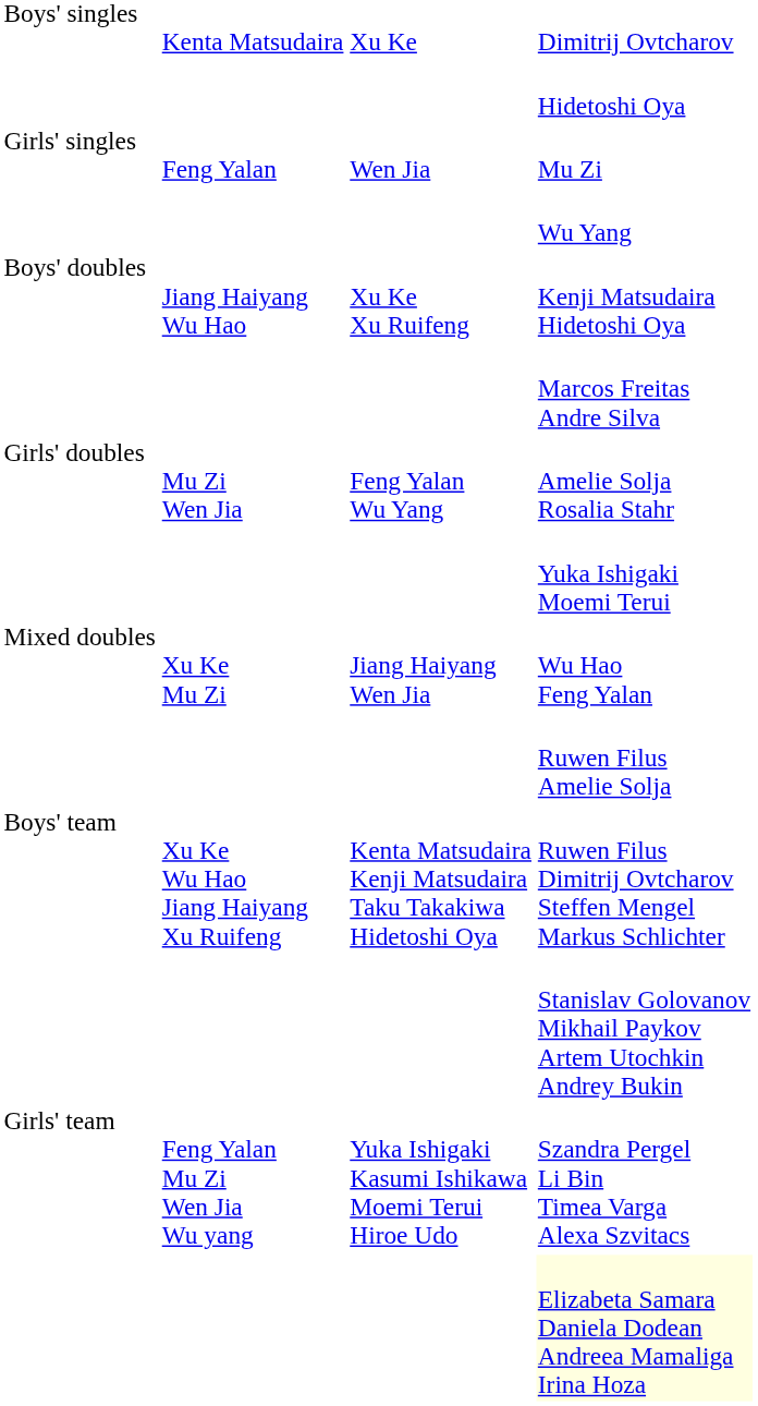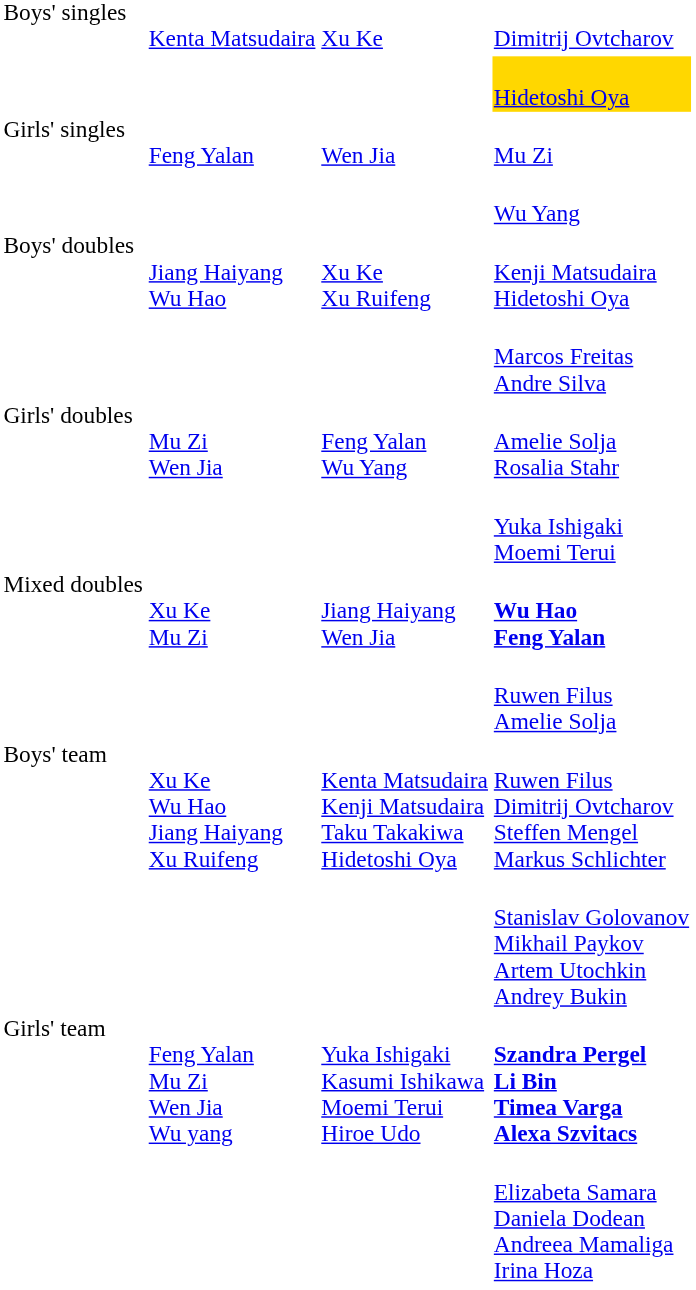 <table>
 <tr valign=top>
 <td rowspan=2>Boys' singles</td>
 <td rowspan=2><br><a href='#'>Kenta Matsudaira</a></td>
 <td rowspan=2><br><a href='#'>Xu Ke</a></td>
 <td><br><a href='#'>Dimitrij Ovtcharov</a></td>
 </tr>
 <tr>
-<td><br><a href='#'>Hidetoshi Oya</a></td>
+<td style="background: gold;"><br><a href='#'>Hidetoshi Oya</a></td>
 </tr>
 <tr valign=top>
 <td rowspan=2>Girls' singles</td>
 <td rowspan=2><br><a href='#'>Feng Yalan</a></td>
 <td rowspan=2><br><a href='#'>Wen Jia</a></td>
 <td><br><a href='#'>Mu Zi</a></td>
 </tr>
 <tr>
 <td><br><a href='#'>Wu Yang</a></td>
 </tr>
 <tr valign=top>
 <td rowspan=2>Boys' doubles</td>
 <td rowspan=2><br><a href='#'>Jiang Haiyang</a><br><a href='#'>Wu Hao</a></td>
 <td rowspan=2><br><a href='#'>Xu Ke</a><br><a href='#'>Xu Ruifeng</a></td>
 <td><br><a href='#'>Kenji Matsudaira</a><br><a href='#'>Hidetoshi Oya</a></td>
 </tr>
 <tr>
 <td><br><a href='#'>Marcos Freitas</a><br><a href='#'>Andre Silva</a></td>
 </tr>
 <tr valign=top>
 <td rowspan=2>Girls' doubles</td>
 <td rowspan=2><br><a href='#'>Mu Zi</a><br><a href='#'>Wen Jia</a></td>
 <td rowspan=2><br><a href='#'>Feng Yalan</a><br><a href='#'>Wu Yang</a></td>
 <td><br><a href='#'>Amelie Solja</a><br><a href='#'>Rosalia Stahr</a></td>
 </tr>
 <tr>
 <td><br><a href='#'>Yuka Ishigaki</a><br><a href='#'>Moemi Terui</a></td>
 </tr>
 <tr valign=top>
 <td rowspan=2>Mixed doubles</td>
 <td rowspan=2><br><a href='#'>Xu Ke</a><br><a href='#'>Mu Zi</a></td>
 <td rowspan=2><br><a href='#'>Jiang Haiyang</a><br><a href='#'>Wen Jia</a></td>
-<td><br><a href='#'>Wu Hao</a><br><a href='#'>Feng Yalan</a></td>
+<td><strong><br><a href='#'>Wu Hao</a><br><a href='#'>Feng Yalan</a></strong></td>
 </tr>
 <tr>
 <td><br><a href='#'>Ruwen Filus</a><br><a href='#'>Amelie Solja</a></td>
 </tr>
 <tr valign=top>
 <td rowspan=2>Boys' team</td>
 <td rowspan=2><br><a href='#'>Xu Ke</a><br><a href='#'>Wu Hao</a><br><a href='#'>Jiang Haiyang</a><br><a href='#'>Xu Ruifeng</a></td>
 <td rowspan=2><br><a href='#'>Kenta Matsudaira</a><br><a href='#'>Kenji Matsudaira</a><br><a href='#'>Taku Takakiwa</a><br><a href='#'>Hidetoshi Oya</a></td>
 <td><br><a href='#'>Ruwen Filus</a><br><a href='#'>Dimitrij Ovtcharov</a><br><a href='#'>Steffen Mengel</a><br><a href='#'>Markus Schlichter</a></td>
 </tr>
 <tr>
 <td><br><a href='#'>Stanislav Golovanov</a><br><a href='#'>Mikhail Paykov</a><br><a href='#'>Artem Utochkin</a><br><a href='#'>Andrey Bukin</a></td>
 </tr>
 <tr valign=top>
 <td rowspan=2>Girls' team</td>
 <td rowspan=2><br><a href='#'>Feng Yalan</a><br><a href='#'>Mu Zi</a><br><a href='#'>Wen Jia</a><br><a href='#'>Wu yang</a></td>
 <td rowspan=2><br><a href='#'>Yuka Ishigaki</a><br><a href='#'>Kasumi Ishikawa</a><br><a href='#'>Moemi Terui</a><br><a href='#'>Hiroe Udo</a></td>
-<td><br><a href='#'>Szandra Pergel</a><br><a href='#'>Li Bin</a><br><a href='#'>Timea Varga</a><br><a href='#'>Alexa Szvitacs</a></td>
+<td><strong><br><a href='#'>Szandra Pergel</a><br><a href='#'>Li Bin</a><br><a href='#'>Timea Varga</a><br><a href='#'>Alexa Szvitacs</a></strong></td>
 </tr>
 <tr>
-<td style="background: lightyellow;"><br><a href='#'>Elizabeta Samara</a><br><a href='#'>Daniela Dodean</a><br><a href='#'>Andreea Mamaliga</a><br><a href='#'>Irina Hoza</a></td>
+<td><br><a href='#'>Elizabeta Samara</a><br><a href='#'>Daniela Dodean</a><br><a href='#'>Andreea Mamaliga</a><br><a href='#'>Irina Hoza</a></td>
 </tr>
 </table>
